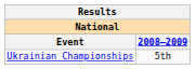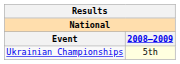 <table class="wikitable" style="text-align:center">
 <tr>
 <th colspan=2 align=center><strong>Results</strong></th>
 </tr>
 <tr>
 <th style="background-color: #ffdead; " colspan=2 align=center><strong>National</strong></th>
 </tr>
 <tr>
 <th>Event</th>
 <th><a href='#'>2008–2009</a></th>
 </tr>
 <tr>
 <td align=left><a href='#'>Ukrainian Championships</a></td>
-<td>5th</td>
+<td style="background: lightyellow;">5th</td>
 </tr>
 </table>
